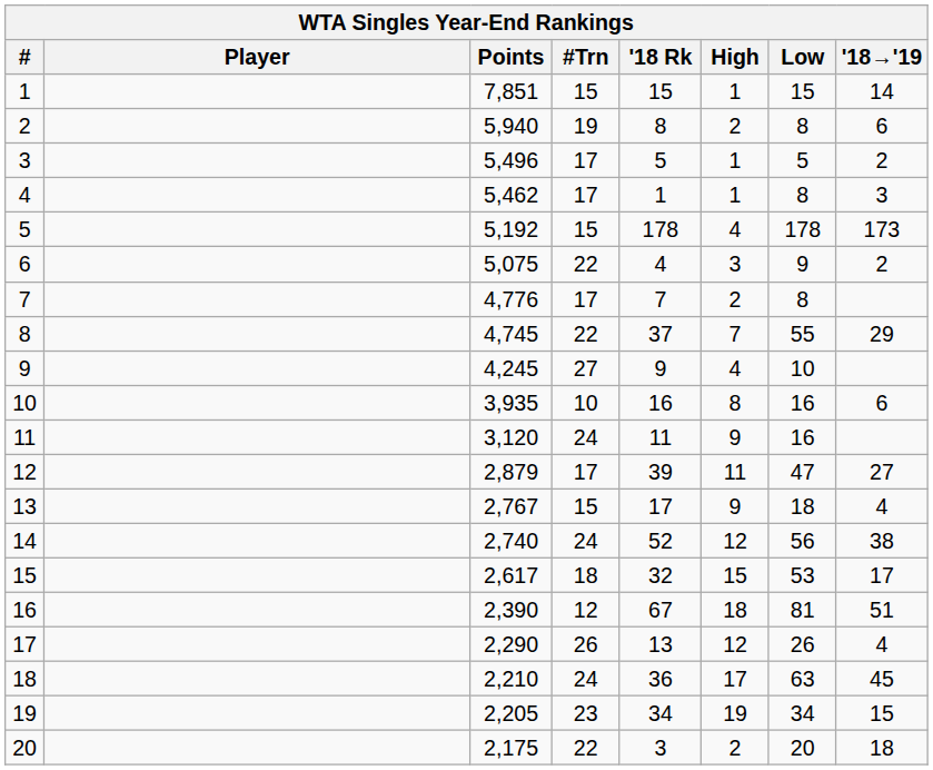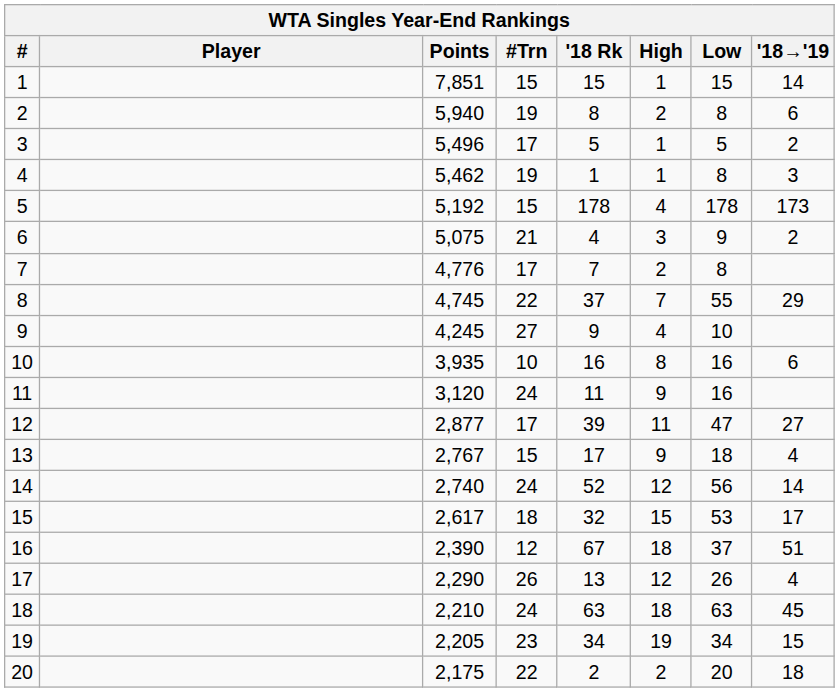 <table class="wikitable" style="font-size:95%">
 <tr>
 <th colspan="10">WTA Singles Year-End Rankings</th>
 </tr>
 <tr>
 <th style="width:20px;">#</th>
 <th style="width:290px;">Player</th>
 <th style="width:50px;">Points</th>
 <th width=40>#Trn</th>
 <th width=50>'18 Rk</th>
 <th width=40>High</th>
 <th width=40>Low</th>
 <th width=50>'18→'19</th>
 </tr>
 <tr style="text-align:center;">
 <td>1</td>
 <td style="text-align:left;"></td>
 <td>7,851</td>
 <td>15</td>
 <td>15</td>
 <td>1</td>
 <td>15</td>
 <td> 14</td>
 </tr>
 <tr style="text-align:center;">
 <td>2</td>
 <td style="text-align:left;"></td>
 <td>5,940</td>
 <td>19</td>
 <td>8</td>
 <td>2</td>
 <td>8</td>
 <td> 6</td>
 </tr>
 <tr style="text-align:center;">
 <td>3</td>
 <td style="text-align:left;"></td>
 <td>5,496</td>
 <td>17</td>
 <td>5</td>
 <td>1</td>
 <td>5</td>
 <td> 2</td>
 </tr>
 <tr style="text-align:center;">
 <td>4</td>
 <td style="text-align:left;"></td>
 <td>5,462</td>
-<td>17</td>
+<td>19</td>
 <td>1</td>
 <td>1</td>
 <td>8</td>
 <td> 3</td>
 </tr>
 <tr style="text-align:center;">
 <td>5</td>
 <td style="text-align:left;"></td>
 <td>5,192</td>
 <td>15</td>
 <td>178</td>
 <td>4</td>
 <td>178</td>
 <td> 173</td>
 </tr>
 <tr style="text-align:center;">
 <td>6</td>
 <td style="text-align:left;"></td>
 <td>5,075</td>
-<td>22</td>
+<td>21</td>
 <td>4</td>
 <td>3</td>
 <td>9</td>
 <td> 2</td>
 </tr>
 <tr style="text-align:center;">
 <td>7</td>
 <td style="text-align:left;"></td>
 <td>4,776</td>
 <td>17</td>
 <td>7</td>
 <td>2</td>
 <td>8</td>
 <td></td>
 </tr>
 <tr style="text-align:center;">
 <td>8</td>
 <td style="text-align:left;"></td>
 <td>4,745</td>
 <td>22</td>
 <td>37</td>
 <td>7</td>
 <td>55</td>
 <td> 29</td>
 </tr>
 <tr style="text-align:center;">
 <td>9</td>
 <td style="text-align:left;"></td>
 <td>4,245</td>
 <td>27</td>
 <td>9</td>
 <td>4</td>
 <td>10</td>
 <td></td>
 </tr>
 <tr style="text-align:center;">
 <td>10</td>
 <td style="text-align:left;"></td>
 <td>3,935</td>
 <td>10</td>
 <td>16</td>
 <td>8</td>
 <td>16</td>
 <td> 6</td>
 </tr>
 <tr style="text-align:center;">
 <td>11</td>
 <td style="text-align:left;"></td>
 <td>3,120</td>
 <td>24</td>
 <td>11</td>
 <td>9</td>
 <td>16</td>
 <td></td>
 </tr>
 <tr style="text-align:center;">
 <td>12</td>
 <td style="text-align:left;"></td>
-<td>2,879</td>
+<td>2,877</td>
 <td>17</td>
 <td>39</td>
 <td>11</td>
 <td>47</td>
 <td> 27</td>
 </tr>
 <tr style="text-align:center;">
 <td>13</td>
 <td style="text-align:left;"></td>
 <td>2,767</td>
 <td>15</td>
 <td>17</td>
 <td>9</td>
 <td>18</td>
 <td> 4</td>
 </tr>
 <tr style="text-align:center;">
 <td>14</td>
 <td style="text-align:left;"></td>
 <td>2,740</td>
 <td>24</td>
 <td>52</td>
 <td>12</td>
 <td>56</td>
-<td> 38</td>
+<td> 14</td>
 </tr>
 <tr style="text-align:center;">
 <td>15</td>
 <td style="text-align:left;"></td>
 <td>2,617</td>
 <td>18</td>
 <td>32</td>
 <td>15</td>
 <td>53</td>
 <td> 17</td>
 </tr>
 <tr style="text-align:center;">
 <td>16</td>
 <td style="text-align:left;"></td>
 <td>2,390</td>
 <td>12</td>
 <td>67</td>
 <td>18</td>
-<td>81</td>
+<td>37</td>
 <td> 51</td>
 </tr>
 <tr style="text-align:center;">
 <td>17</td>
 <td style="text-align:left;"></td>
 <td>2,290</td>
 <td>26</td>
 <td>13</td>
 <td>12</td>
 <td>26</td>
 <td> 4</td>
 </tr>
 <tr style="text-align:center;">
 <td>18</td>
 <td style="text-align:left;"></td>
 <td>2,210</td>
 <td>24</td>
-<td>36</td>
-<td>17</td>
+<td>63</td>
+<td>18</td>
 <td>63</td>
 <td> 45</td>
 </tr>
 <tr style="text-align:center;">
 <td>19</td>
 <td style="text-align:left;"></td>
 <td>2,205</td>
 <td>23</td>
 <td>34</td>
 <td>19</td>
 <td>34</td>
 <td> 15</td>
 </tr>
 <tr style="text-align:center;">
 <td>20</td>
 <td style="text-align:left;"></td>
 <td>2,175</td>
 <td>22</td>
-<td>3</td>
+<td>2</td>
 <td>2</td>
 <td>20</td>
 <td> 18</td>
 </tr>
 </table>
